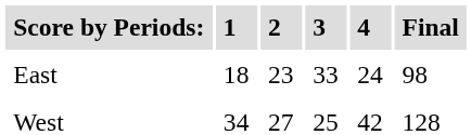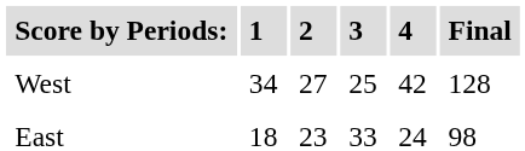 <table cellpadding=5>
 <tr bgcolor="#dddddd">
 <td><strong>Score by Periods:</strong></td>
 <td><strong>1</strong></td>
 <td><strong>2</strong></td>
 <td><strong>3</strong></td>
 <td><strong>4</strong></td>
 <td><strong>Final</strong></td>
 </tr>
 <tr>
+<td>West</td>
+<td>34</td>
+<td>27</td>
+<td>25</td>
+<td>42</td>
+<td>128</td>
+</tr>
+<tr>
 <td>East</td>
 <td>18</td>
 <td>23</td>
 <td>33</td>
 <td>24</td>
 <td>98</td>
 </tr>
 <tr>
-<td>West</td>
-<td>34</td>
-<td>27</td>
-<td>25</td>
-<td>42</td>
-<td>128</td>
-</tr>
-<tr>
 </tr>
 </table>
